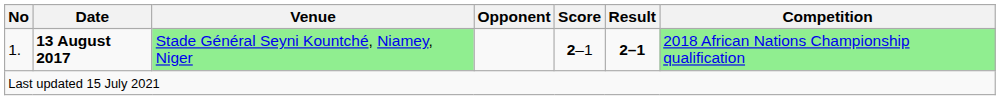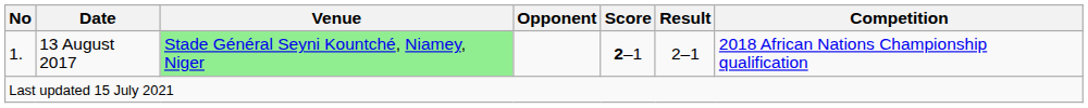 <table class="wikitable" style="font-size:85%;">
 <tr>
 <th>No</th>
 <th>Date</th>
 <th>Venue</th>
 <th>Opponent</th>
 <th>Score</th>
 <th>Result</th>
 <th>Competition</th>
 </tr>
 <tr>
 <td>1.</td>
-<td><strong>13 August 2017</strong></td>
+<td>13 August 2017</td>
 <td style="background: lightgreen;"><a href='#'>Stade Général Seyni Kountché</a>, <a href='#'>Niamey</a>, <a href='#'>Niger</a></td>
 <td></td>
 <td align=center><strong>2</strong>–1</td>
-<td align=center><strong>2–1</strong></td>
-<td style="background: lightgreen;"><a href='#'>2018 African Nations Championship qualification</a></td>
+<td align=center>2–1</td>
+<td><a href='#'>2018 African Nations Championship qualification</a></td>
 </tr>
 <tr>
 <td colspan="7"><small>Last updated 15 July 2021</small></td>
 </tr>
 </table>
